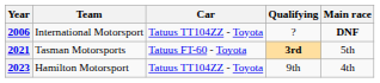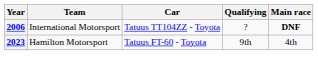 <table class="wikitable" style="text-align:center; font-size:90%">
 <tr>
 <th>Year</th>
 <th>Team</th>
 <th>Car</th>
 <th>Qualifying</th>
 <th>Main race</th>
 </tr>
 <tr>
 <th><a href='#'>2006</a></th>
 <td align="left" nowrap> International Motorsport</td>
 <td align="left" nowrap><a href='#'>Tatuus TT104ZZ</a> - <a href='#'>Toyota</a></td>
 <td>?</td>
 <td><strong>DNF</strong></td>
 </tr>
 <tr>
-<th><a href='#'>2021</a></th>
-<td align="left" nowrap> Tasman Motorsports</td>
-<td align="left" nowrap><a href='#'>Tatuus FT-60</a> - <a href='#'>Toyota</a></td>
-<td style="background:#ffdf9f"><strong>3rd</strong></td>
-<td>5th</td>
-</tr>
-<tr>
 <th><a href='#'>2023</a></th>
 <td align="left" nowrap> Hamilton Motorsport</td>
-<td align="left" nowrap><a href='#'>Tatuus TT104ZZ</a> - <a href='#'>Toyota</a></td>
+<td align="left" nowrap><a href='#'>Tatuus FT-60</a> - <a href='#'>Toyota</a></td>
 <td>9th</td>
 <td>4th</td>
 </tr>
 </table>
